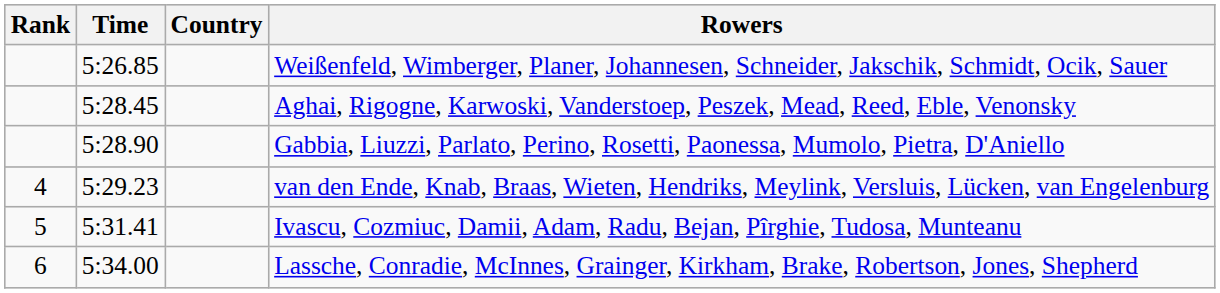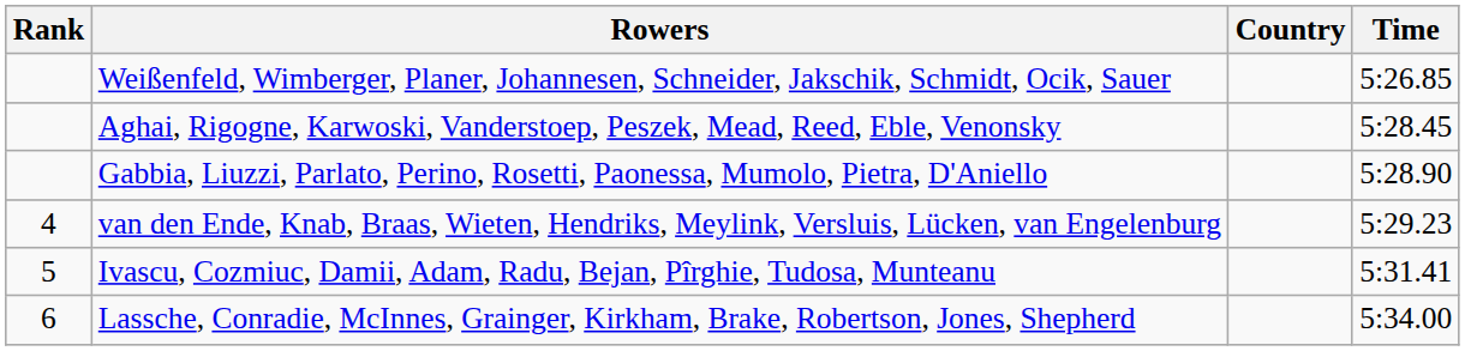 <table class="wikitable" style="text-align:center">
 <tr>
 <th>Rank</th>
+<th>Rowers</th>
+<th>Country</th>
 <th>Time</th>
-<th>Country</th>
-<th>Rowers</th>
 </tr>
 <tr>
 <td></td>
+<td align="left"><a href='#'>Weißenfeld</a>, <a href='#'>Wimberger</a>, <a href='#'>Planer</a>, <a href='#'>Johannesen</a>, <a href='#'>Schneider</a>, <a href='#'>Jakschik</a>, <a href='#'>Schmidt</a>, <a href='#'>Ocik</a>, <a href='#'>Sauer</a></td>
+<td align="left"></td>
 <td>5:26.85</td>
-<td align="left"></td>
-<td align="left"><a href='#'>Weißenfeld</a>, <a href='#'>Wimberger</a>, <a href='#'>Planer</a>, <a href='#'>Johannesen</a>, <a href='#'>Schneider</a>, <a href='#'>Jakschik</a>, <a href='#'>Schmidt</a>, <a href='#'>Ocik</a>, <a href='#'>Sauer</a></td>
 </tr>
 <tr>
 <td></td>
+<td align="left"><a href='#'>Aghai</a>, <a href='#'>Rigogne</a>, <a href='#'>Karwoski</a>, <a href='#'>Vanderstoep</a>, <a href='#'>Peszek</a>, <a href='#'>Mead</a>, <a href='#'>Reed</a>, <a href='#'>Eble</a>, <a href='#'>Venonsky</a></td>
+<td align="left"></td>
 <td>5:28.45</td>
-<td align="left"></td>
-<td align="left"><a href='#'>Aghai</a>, <a href='#'>Rigogne</a>, <a href='#'>Karwoski</a>, <a href='#'>Vanderstoep</a>, <a href='#'>Peszek</a>, <a href='#'>Mead</a>, <a href='#'>Reed</a>, <a href='#'>Eble</a>, <a href='#'>Venonsky</a></td>
 </tr>
 <tr>
 <td></td>
+<td align="left"><a href='#'>Gabbia</a>, <a href='#'>Liuzzi</a>, <a href='#'>Parlato</a>, <a href='#'>Perino</a>, <a href='#'>Rosetti</a>, <a href='#'>Paonessa</a>, <a href='#'>Mumolo</a>, <a href='#'>Pietra</a>, <a href='#'>D'Aniello</a></td>
+<td align="left"></td>
 <td>5:28.90</td>
-<td align="left"></td>
-<td align="left"><a href='#'>Gabbia</a>, <a href='#'>Liuzzi</a>, <a href='#'>Parlato</a>, <a href='#'>Perino</a>, <a href='#'>Rosetti</a>, <a href='#'>Paonessa</a>, <a href='#'>Mumolo</a>, <a href='#'>Pietra</a>, <a href='#'>D'Aniello</a></td>
 </tr>
 <tr>
 <td>4</td>
+<td align="left"><a href='#'>van den Ende</a>, <a href='#'>Knab</a>, <a href='#'>Braas</a>, <a href='#'>Wieten</a>, <a href='#'>Hendriks</a>, <a href='#'>Meylink</a>, <a href='#'>Versluis</a>, <a href='#'>Lücken</a>, <a href='#'>van Engelenburg</a></td>
+<td align="left"></td>
 <td>5:29.23</td>
-<td align="left"></td>
-<td align="left"><a href='#'>van den Ende</a>, <a href='#'>Knab</a>, <a href='#'>Braas</a>, <a href='#'>Wieten</a>, <a href='#'>Hendriks</a>, <a href='#'>Meylink</a>, <a href='#'>Versluis</a>, <a href='#'>Lücken</a>, <a href='#'>van Engelenburg</a></td>
 </tr>
 <tr>
 <td>5</td>
+<td align="left"><a href='#'>Ivascu</a>, <a href='#'>Cozmiuc</a>, <a href='#'>Damii</a>, <a href='#'>Adam</a>, <a href='#'>Radu</a>, <a href='#'>Bejan</a>, <a href='#'>Pîrghie</a>, <a href='#'>Tudosa</a>, <a href='#'>Munteanu</a></td>
+<td align="left"></td>
 <td>5:31.41</td>
-<td align="left"></td>
-<td align="left"><a href='#'>Ivascu</a>, <a href='#'>Cozmiuc</a>, <a href='#'>Damii</a>, <a href='#'>Adam</a>, <a href='#'>Radu</a>, <a href='#'>Bejan</a>, <a href='#'>Pîrghie</a>, <a href='#'>Tudosa</a>, <a href='#'>Munteanu</a></td>
 </tr>
 <tr>
 <td>6</td>
+<td align="left"><a href='#'>Lassche</a>, <a href='#'>Conradie</a>, <a href='#'>McInnes</a>, <a href='#'>Grainger</a>, <a href='#'>Kirkham</a>, <a href='#'>Brake</a>, <a href='#'>Robertson</a>, <a href='#'>Jones</a>, <a href='#'>Shepherd</a></td>
+<td align="left"></td>
 <td>5:34.00</td>
-<td align="left"></td>
-<td align="left"><a href='#'>Lassche</a>, <a href='#'>Conradie</a>, <a href='#'>McInnes</a>, <a href='#'>Grainger</a>, <a href='#'>Kirkham</a>, <a href='#'>Brake</a>, <a href='#'>Robertson</a>, <a href='#'>Jones</a>, <a href='#'>Shepherd</a></td>
 </tr>
 </table>
